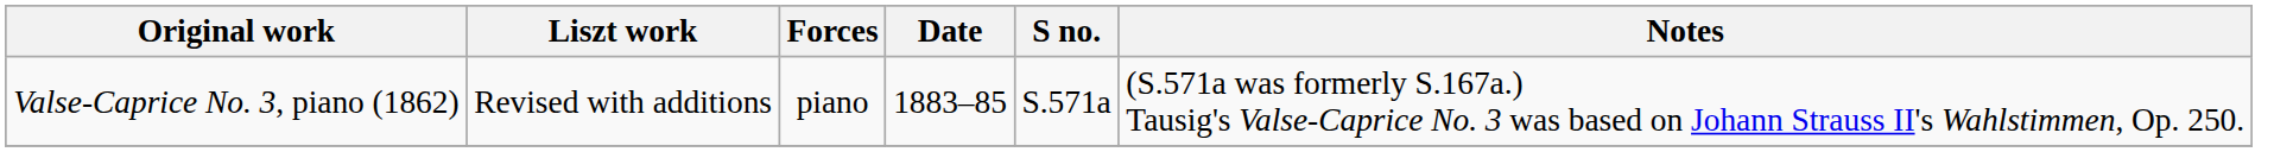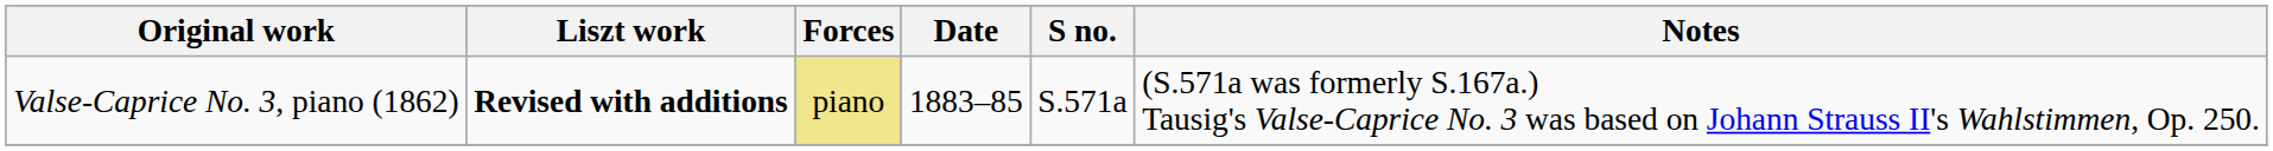 <table class="wikitable">
 <tr>
 <th>Original work</th>
 <th>Liszt work</th>
 <th>Forces</th>
 <th>Date</th>
 <th>S no.</th>
 <th>Notes</th>
 </tr>
 <tr>
 <td><em>Valse-Caprice No. 3</em>, piano (1862)</td>
-<td>Revised with additions</td>
-<td style="text-align: center">piano</td>
+<td><strong>Revised with additions</strong></td>
+<td style="background: khaki; text-align: center">piano</td>
 <td>1883–85</td>
 <td>S.571a</td>
 <td>(S.571a was formerly S.167a.)  <br>Tausig's <em>Valse-Caprice No. 3</em> was based on <a href='#'>Johann Strauss II</a>'s <em>Wahlstimmen</em>, Op. 250.</td>
 </tr>
 <tr>
 </tr>
 </table>
